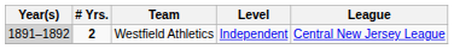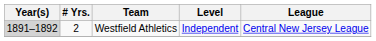 <table class="wikitable" style="text-align:center; font-size: 95%;">
 <tr>
 <th>Year(s)</th>
 <th># Yrs.</th>
 <th>Team</th>
 <th>Level</th>
 <th>League</th>
 </tr>
 <tr>
 <td style="background: lightgrey;">1891–1892</td>
-<td><strong>2</strong></td>
+<td>2</td>
 <td>Westfield Athletics</td>
 <td><a href='#'>Independent</a></td>
 <td><a href='#'>Central New Jersey League</a></td>
 </tr>
 <tr>
 </tr>
 </table>
